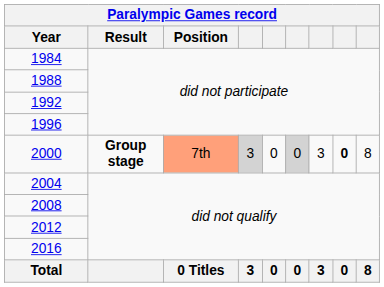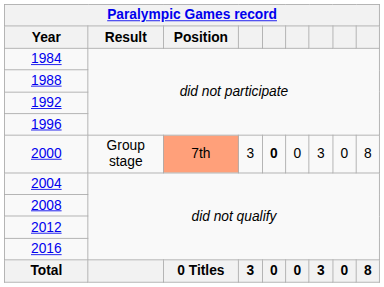 <table class="wikitable" style="text-align: center;">
 <tr>
 <th colspan=9><a href='#'>Paralympic Games record</a></th>
 </tr>
 <tr>
 <th width="90">Year</th>
 <th width="80">Result</th>
 <th width="80">Position</th>
 <th width="20"></th>
 <th width="20"></th>
 <th width="20"></th>
 <th width="20"></th>
 <th width="20"></th>
 <th width="20"></th>
 </tr>
 <tr>
 <td> <a href='#'>1984</a></td>
 <td rowspan=4 colspan=8><em>did not participate</em></td>
 </tr>
 <tr>
 <td> <a href='#'>1988</a></td>
 </tr>
 <tr>
 <td> <a href='#'>1992</a></td>
 </tr>
 <tr>
 <td> <a href='#'>1996</a></td>
 </tr>
 <tr>
 <td> <a href='#'>2000</a></td>
-<td><strong>Group stage</strong></td>
+<td>Group stage</td>
 <td style="background: lightsalmon;">7th</td>
-<td style="background: lightgrey;">3</td>
-<td>0</td>
-<td style="background: lightgrey;">0</td>
 <td>3</td>
 <td><strong>0</strong></td>
+<td>0</td>
+<td>3</td>
+<td>0</td>
 <td>8</td>
 </tr>
 <tr>
 <td> <a href='#'>2004</a></td>
 <td colspan="8" rowspan="4"><em>did not qualify</em></td>
 </tr>
 <tr>
 <td> <a href='#'>2008</a></td>
 </tr>
 <tr>
 <td> <a href='#'>2012</a></td>
 </tr>
 <tr>
 <td> <a href='#'>2016</a></td>
 </tr>
 <tr>
 <th>Total</th>
 <th></th>
 <th>0 Titles</th>
 <th>3</th>
 <th>0</th>
 <th>0</th>
 <th>3</th>
 <th>0</th>
 <th>8</th>
 </tr>
 </table>
